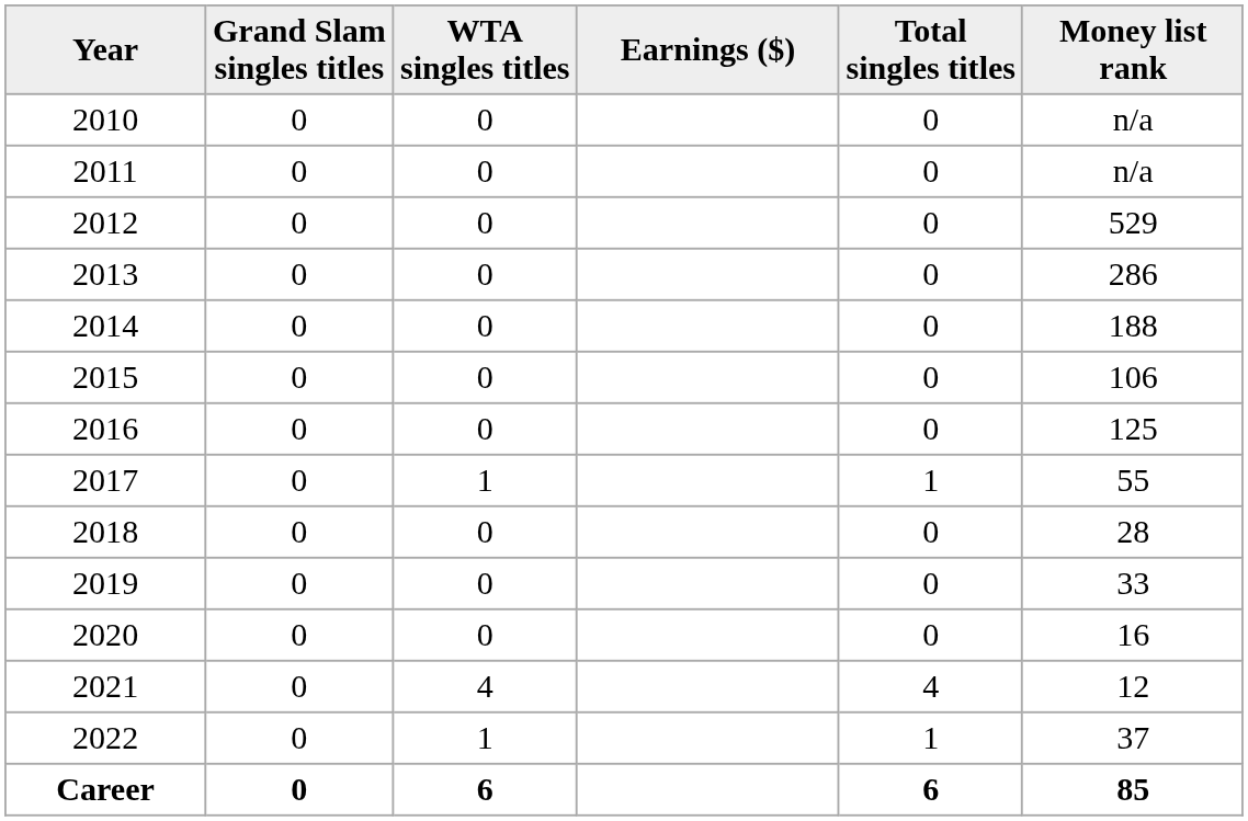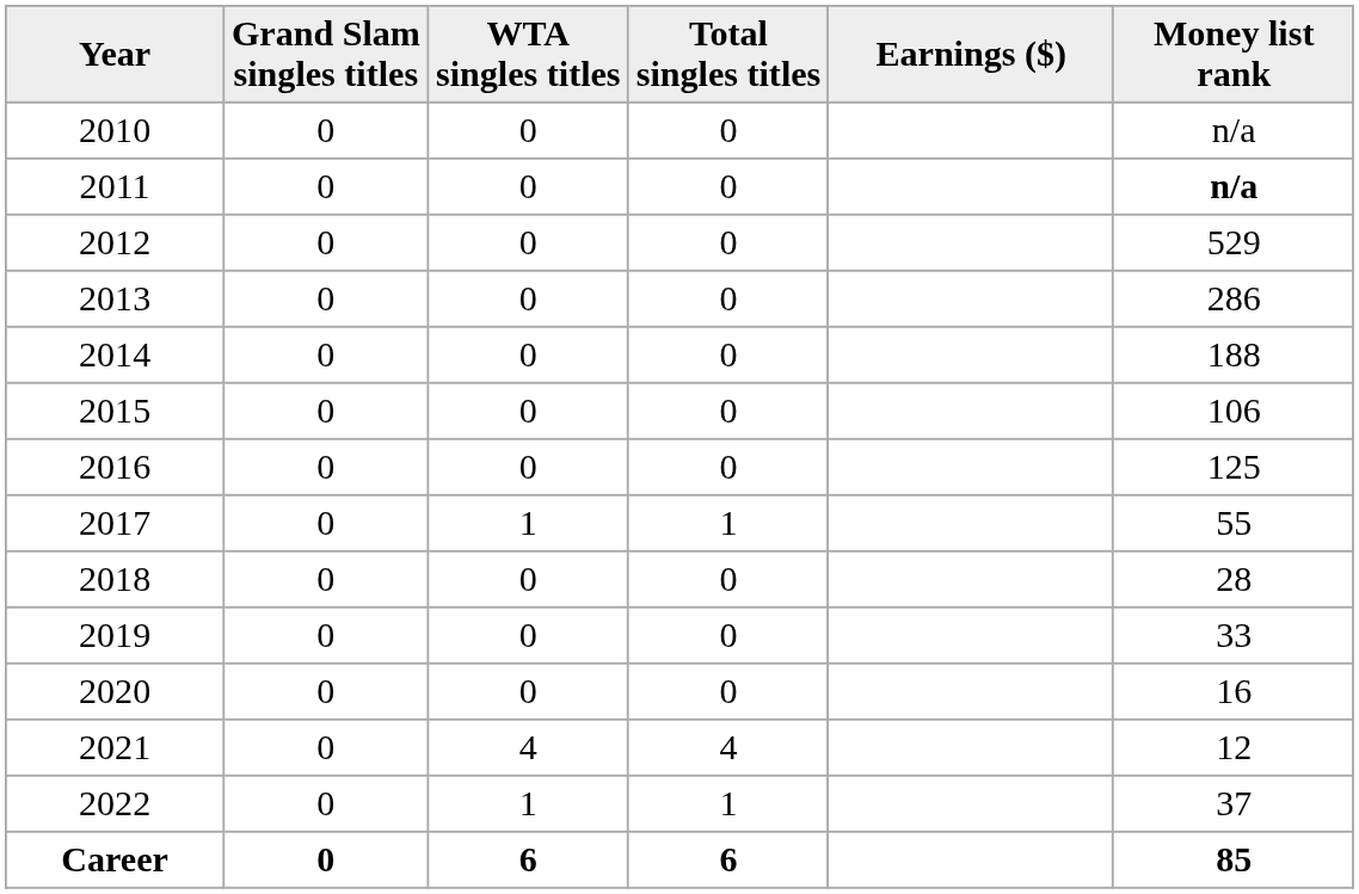 <table cellpadding="3" cellspacing="0" border="1" style="border:#aaa;solid:1px;border-collapse:collapse;text-align:center">
 <tr style="background:#eee;">
 <td width="90"><strong>Year</strong></td>
 <td><strong>Grand Slam<br>singles titles</strong></td>
 <td><strong>WTA <br>singles titles</strong></td>
+<td><strong>Total<br>singles titles</strong></td>
 <td width="120"><strong>Earnings ($)</strong></td>
-<td><strong>Total<br>singles titles</strong></td>
 <td width="100"><strong>Money list rank</strong></td>
 </tr>
 <tr>
 <td>2010</td>
 <td>0</td>
 <td>0</td>
+<td>0</td>
 <td align="right"></td>
-<td>0</td>
 <td>n/a</td>
 </tr>
 <tr>
 <td>2011</td>
 <td>0</td>
 <td>0</td>
+<td>0</td>
 <td align="right"></td>
-<td>0</td>
-<td>n/a</td>
+<td><strong>n/a</strong></td>
 </tr>
 <tr>
 <td>2012</td>
 <td>0</td>
 <td>0</td>
+<td>0</td>
 <td align="right"></td>
-<td>0</td>
 <td>529</td>
 </tr>
 <tr>
 <td>2013</td>
 <td>0</td>
 <td>0</td>
+<td>0</td>
 <td align="right"></td>
-<td>0</td>
 <td>286</td>
 </tr>
 <tr>
 <td>2014</td>
 <td>0</td>
 <td>0</td>
+<td>0</td>
 <td align="right"></td>
-<td>0</td>
 <td>188</td>
 </tr>
 <tr>
 <td>2015</td>
 <td>0</td>
 <td>0</td>
+<td>0</td>
 <td align="right"></td>
-<td>0</td>
 <td>106</td>
 </tr>
 <tr>
 <td>2016</td>
 <td>0</td>
 <td>0</td>
+<td>0</td>
 <td align="right"></td>
-<td>0</td>
 <td>125</td>
 </tr>
 <tr>
 <td>2017</td>
 <td>0</td>
 <td>1</td>
+<td>1</td>
 <td align="right"></td>
-<td>1</td>
 <td>55</td>
 </tr>
 <tr>
 <td>2018</td>
 <td>0</td>
 <td>0</td>
+<td>0</td>
 <td align="right"></td>
-<td>0</td>
 <td bgcolor="">28</td>
 </tr>
 <tr>
 <td>2019</td>
 <td>0</td>
 <td>0</td>
+<td>0</td>
 <td align="right"></td>
-<td>0</td>
 <td>33</td>
 </tr>
 <tr>
 <td>2020</td>
 <td>0</td>
 <td>0</td>
+<td>0</td>
 <td align="right"></td>
-<td>0</td>
 <td>16</td>
 </tr>
 <tr>
 <td>2021</td>
 <td>0</td>
 <td>4</td>
+<td>4</td>
 <td style="text-align:right"></td>
-<td>4</td>
 <td>12</td>
 </tr>
 <tr>
 <td>2022</td>
 <td>0</td>
 <td>1</td>
+<td>1</td>
 <td style="text-align:right"></td>
-<td>1</td>
 <td>37</td>
 </tr>
 <tr style="font-weight:bold;">
 <td>Career</td>
 <td>0</td>
 <td>6</td>
+<td>6</td>
 <td align="right"></td>
-<td>6</td>
 <td>85</td>
 </tr>
 </table>
